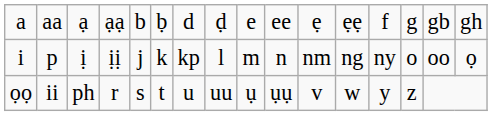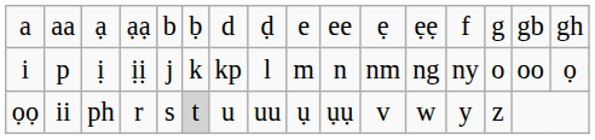 <table class="wikitable" style="text-align: center;">
 <tr>
 <td>a</td>
 <td>aa</td>
 <td>ạ</td>
 <td>ạạ</td>
 <td>b</td>
 <td>ḅ</td>
 <td>d</td>
 <td>ḍ</td>
 <td>e</td>
 <td>ee</td>
 <td>ẹ</td>
 <td>ẹẹ</td>
 <td>f</td>
 <td>g</td>
 <td>gb</td>
 <td>gh</td>
 </tr>
 <tr>
 <td>i</td>
 <td>p</td>
 <td>ị</td>
 <td>ịị</td>
 <td>j</td>
 <td>k</td>
 <td>kp</td>
 <td>l</td>
 <td>m</td>
 <td>n</td>
 <td>nm</td>
 <td>ng</td>
 <td>ny</td>
 <td>o</td>
 <td>oo</td>
 <td>ọ</td>
 </tr>
 <tr>
 <td>ọọ</td>
 <td>ii</td>
 <td>ph</td>
 <td>r</td>
 <td>s</td>
-<td>t</td>
+<td style="background: lightgrey;">t</td>
 <td>u</td>
 <td>uu</td>
 <td>ụ</td>
 <td>ụụ</td>
 <td>v</td>
 <td>w</td>
 <td>y</td>
 <td>z</td>
 </tr>
 </table>
